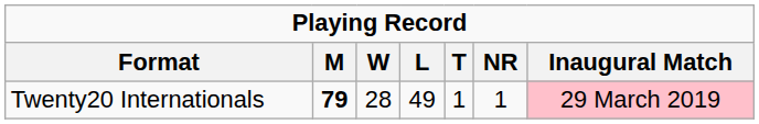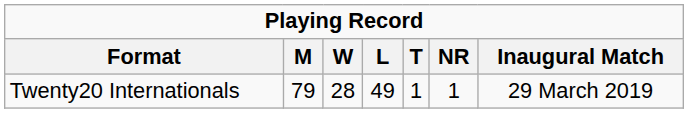 <table class="wikitable" style="text-align: center; width: 500px;">
 <tr>
 <td colspan=7 align="center"><strong>Playing Record</strong></td>
 </tr>
 <tr>
 <th>Format</th>
 <th>M</th>
 <th>W</th>
 <th>L</th>
 <th>T</th>
 <th>NR</th>
 <th>Inaugural Match</th>
 </tr>
 <tr>
 <td align="left">Twenty20 Internationals</td>
-<td><strong>79</strong></td>
+<td>79</td>
 <td>28</td>
 <td>49</td>
 <td>1</td>
 <td>1</td>
-<td style="background: pink;">29 March 2019</td>
+<td>29 March 2019</td>
 </tr>
 </table>
